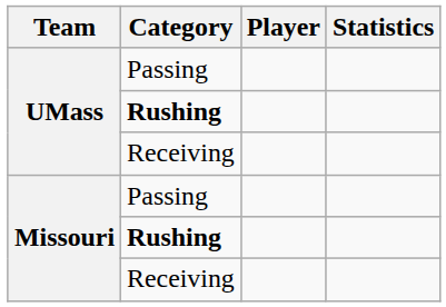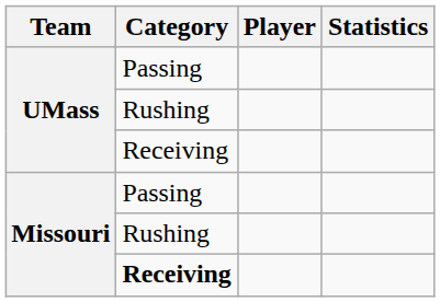 <table class="wikitable" style="float:right">
 <tr>
 <th>Team</th>
 <th>Category</th>
 <th>Player</th>
 <th>Statistics</th>
 </tr>
 <tr>
 <th rowspan=3>UMass</th>
 <td>Passing</td>
 <td></td>
 <td></td>
 </tr>
 <tr>
-<td><strong>Rushing</strong></td>
+<td>Rushing</td>
 <td></td>
 <td></td>
 </tr>
 <tr>
 <td>Receiving</td>
 <td></td>
 <td></td>
 </tr>
 <tr>
 <th rowspan=3>Missouri</th>
 <td>Passing</td>
 <td></td>
 <td></td>
 </tr>
 <tr>
-<td><strong>Rushing</strong></td>
+<td>Rushing</td>
 <td></td>
 <td></td>
 </tr>
 <tr>
-<td>Receiving</td>
+<td><strong>Receiving</strong></td>
 <td></td>
 <td></td>
 </tr>
 </table>
